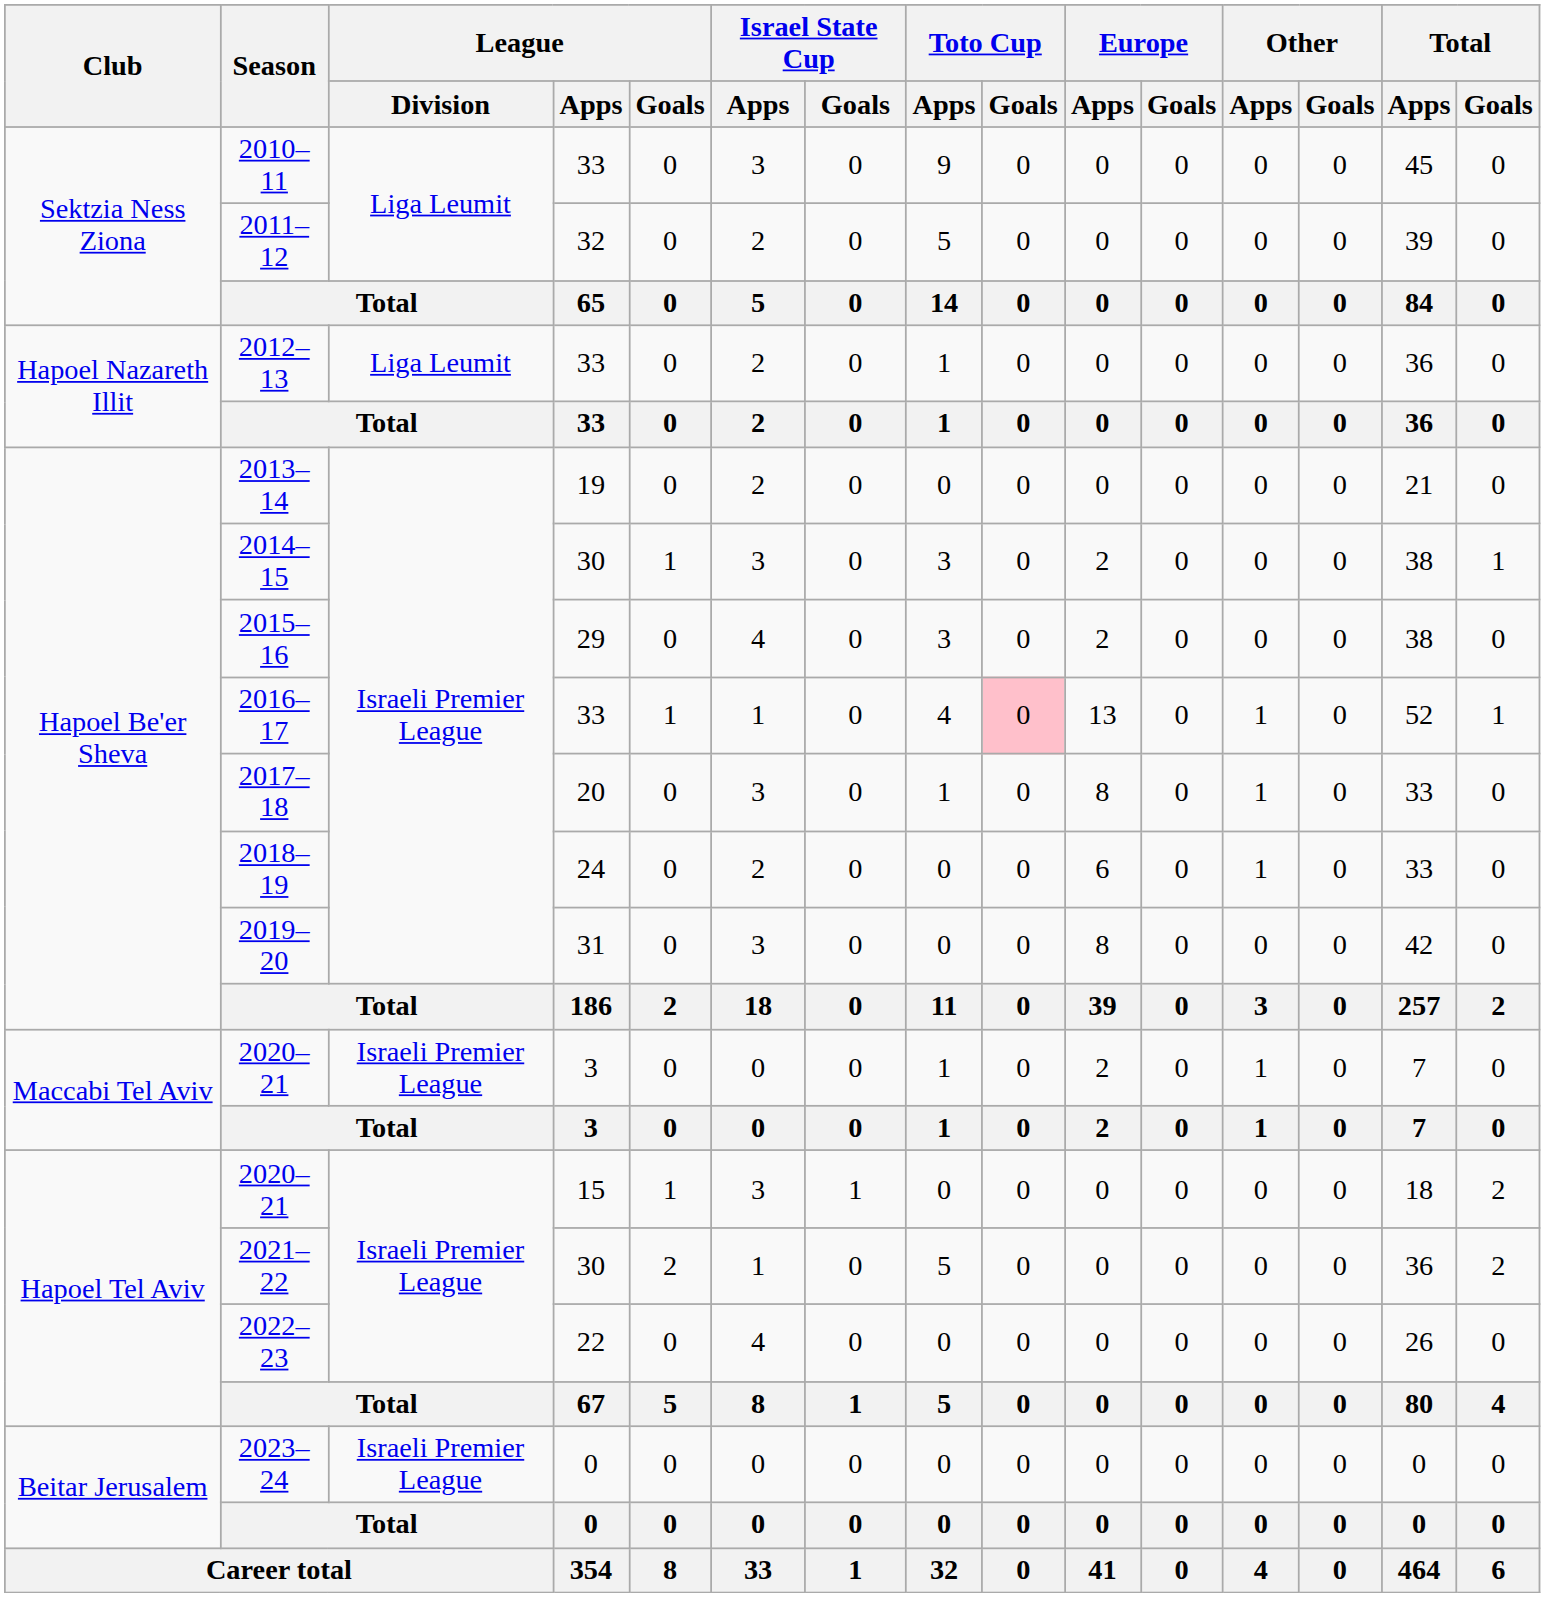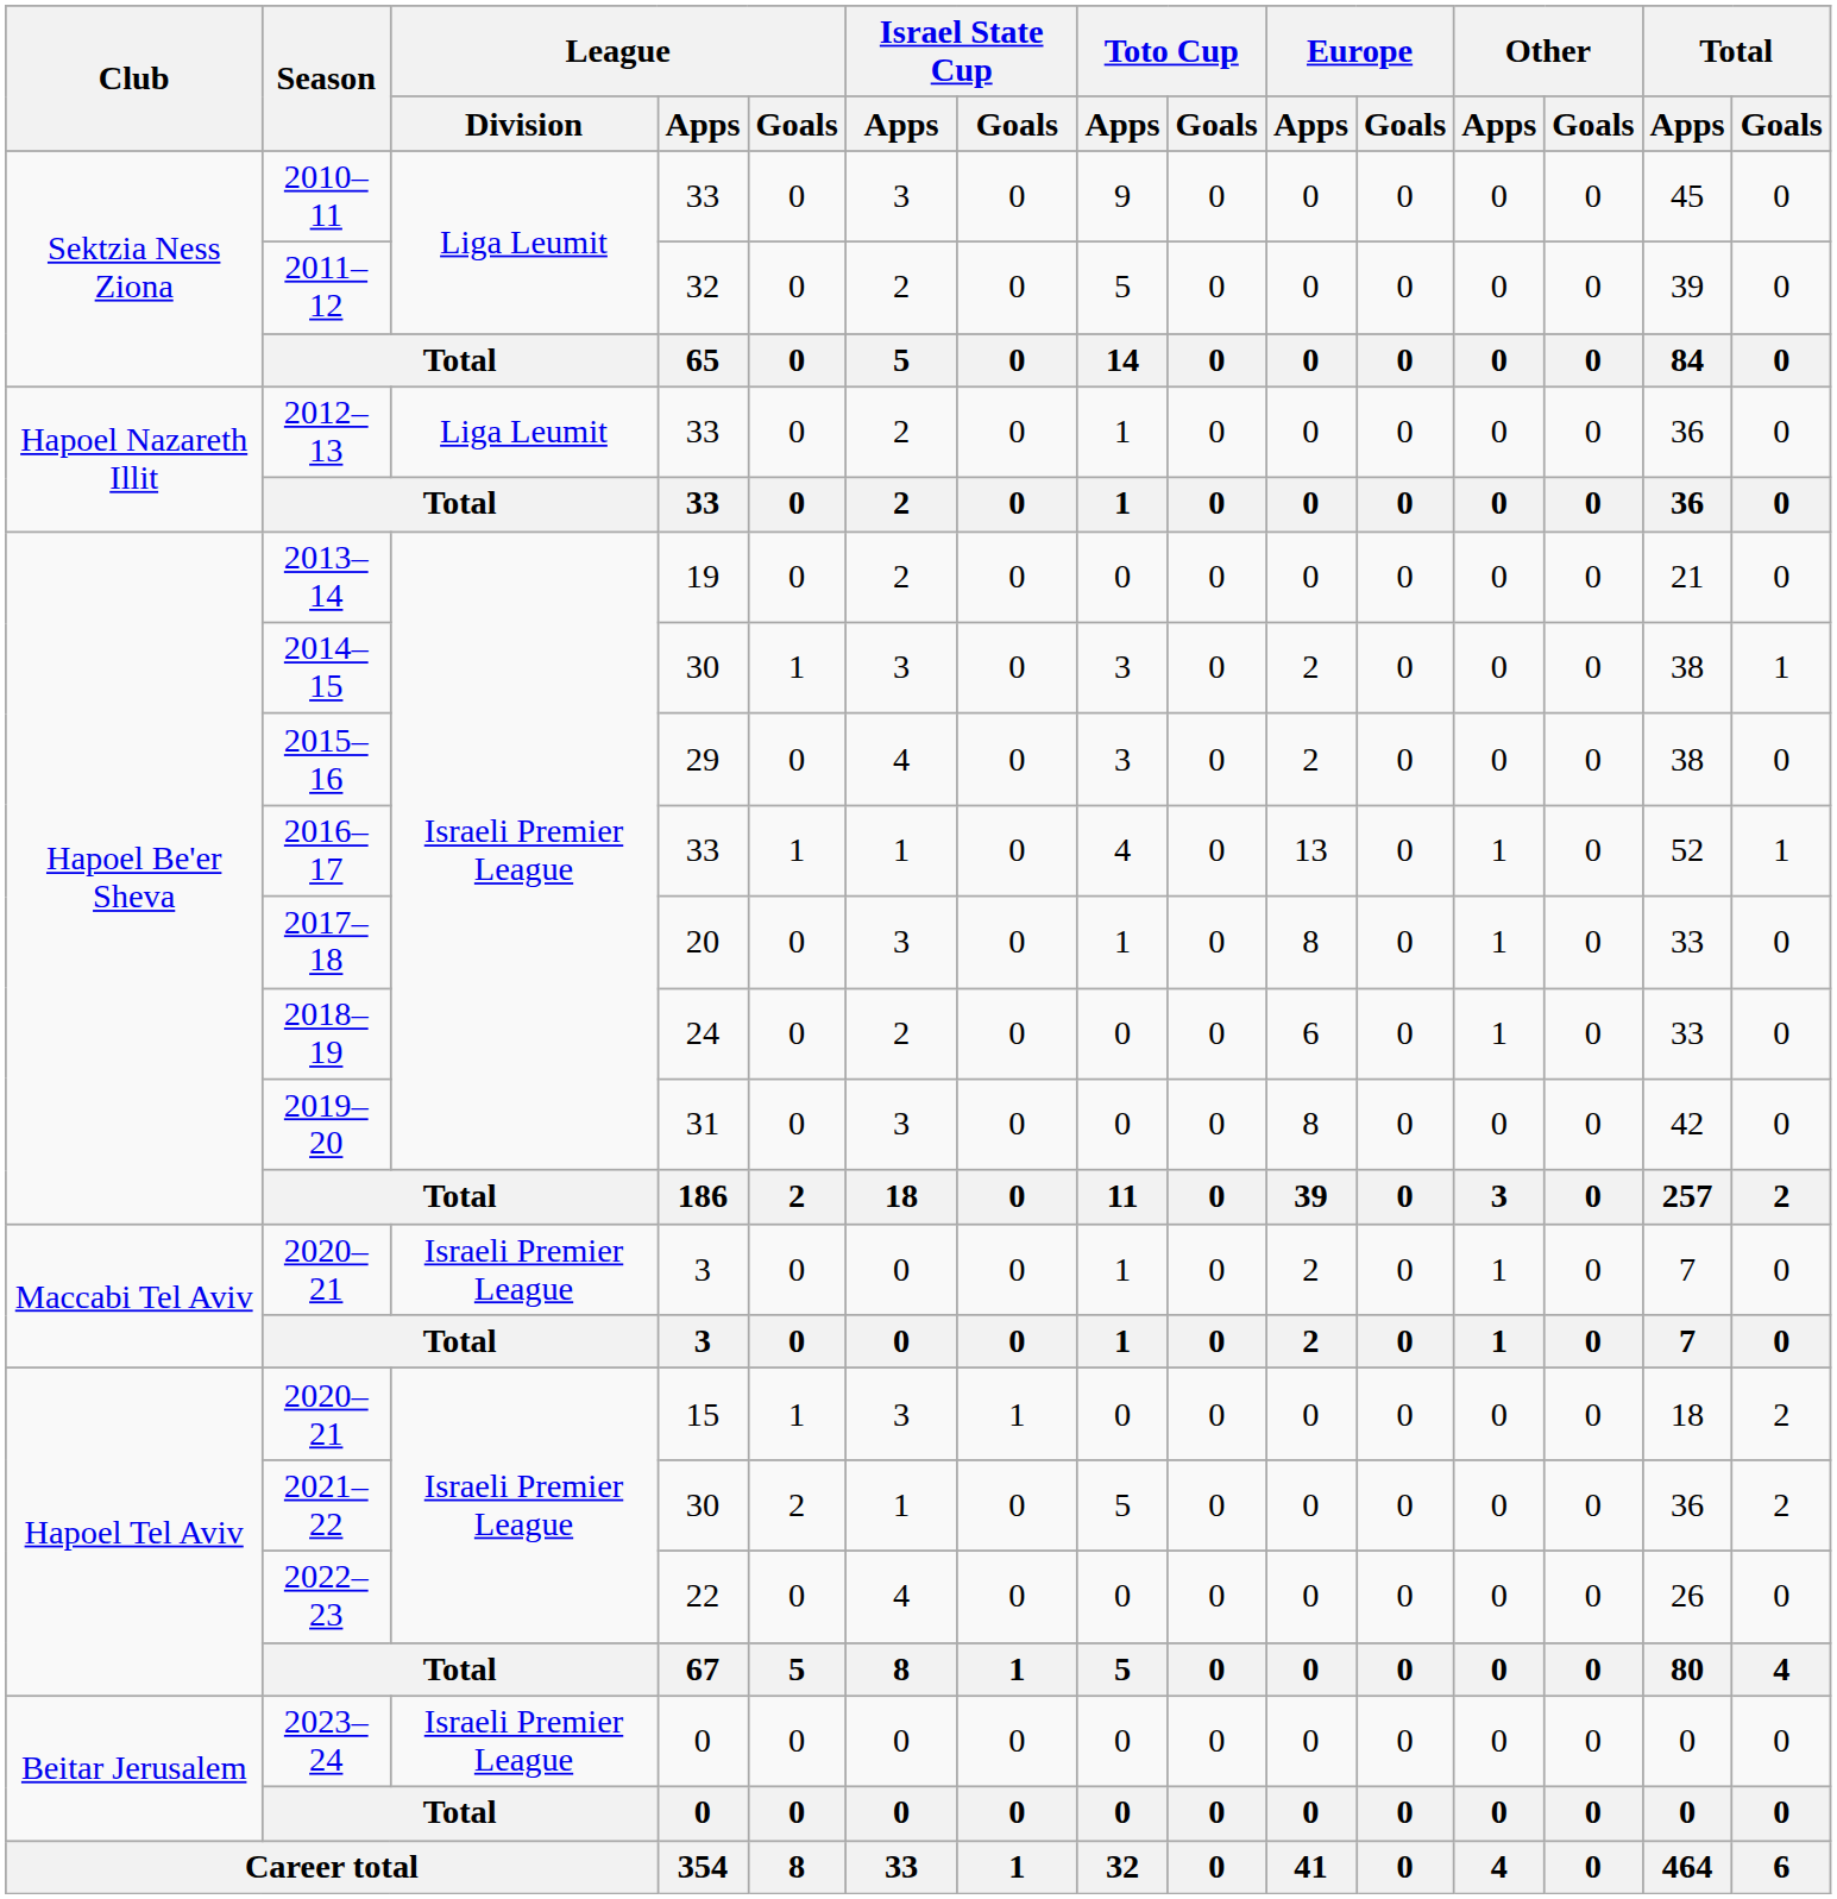 <table class="wikitable" style="text-align:center">
 <tr>
 <th rowspan=2>Club</th>
 <th rowspan=2>Season</th>
 <th colspan=3>League</th>
 <th colspan=2><a href='#'>Israel State Cup</a></th>
 <th colspan=2><a href='#'>Toto Cup</a></th>
 <th colspan=2><a href='#'>Europe</a></th>
 <th colspan=2>Other</th>
 <th colspan=2>Total</th>
 </tr>
 <tr>
 <th>Division</th>
 <th>Apps</th>
 <th>Goals</th>
 <th>Apps</th>
 <th>Goals</th>
 <th>Apps</th>
 <th>Goals</th>
 <th>Apps</th>
 <th>Goals</th>
 <th>Apps</th>
 <th>Goals</th>
 <th>Apps</th>
 <th>Goals</th>
 </tr>
 <tr>
 <td rowspan=3><a href='#'>Sektzia Ness Ziona</a></td>
 <td><a href='#'>2010–11</a></td>
 <td rowspan=2><a href='#'>Liga Leumit</a></td>
 <td>33</td>
 <td>0</td>
 <td>3</td>
 <td>0</td>
 <td>9</td>
 <td>0</td>
 <td>0</td>
 <td>0</td>
 <td>0</td>
 <td>0</td>
 <td>45</td>
 <td>0</td>
 </tr>
 <tr>
 <td><a href='#'>2011–12</a></td>
 <td>32</td>
 <td>0</td>
 <td>2</td>
 <td>0</td>
 <td>5</td>
 <td>0</td>
 <td>0</td>
 <td>0</td>
 <td>0</td>
 <td>0</td>
 <td>39</td>
 <td>0</td>
 </tr>
 <tr>
 <th colspan="2">Total</th>
 <th>65</th>
 <th>0</th>
 <th>5</th>
 <th>0</th>
 <th>14</th>
 <th>0</th>
 <th>0</th>
 <th>0</th>
 <th>0</th>
 <th>0</th>
 <th>84</th>
 <th>0</th>
 </tr>
 <tr>
 <td rowspan=2><a href='#'>Hapoel Nazareth Illit</a></td>
 <td><a href='#'>2012–13</a></td>
 <td rowspan=1><a href='#'>Liga Leumit</a></td>
 <td>33</td>
 <td>0</td>
 <td>2</td>
 <td>0</td>
 <td>1</td>
 <td>0</td>
 <td>0</td>
 <td>0</td>
 <td>0</td>
 <td>0</td>
 <td>36</td>
 <td>0</td>
 </tr>
 <tr>
 <th colspan=2>Total</th>
 <th>33</th>
 <th>0</th>
 <th>2</th>
 <th>0</th>
 <th>1</th>
 <th>0</th>
 <th>0</th>
 <th>0</th>
 <th>0</th>
 <th>0</th>
 <th>36</th>
 <th>0</th>
 </tr>
 <tr>
 <td rowspan="8"><a href='#'>Hapoel Be'er Sheva</a></td>
 <td><a href='#'>2013–14</a></td>
 <td rowspan="7"><a href='#'>Israeli Premier League</a></td>
 <td>19</td>
 <td>0</td>
 <td>2</td>
 <td>0</td>
 <td>0</td>
 <td>0</td>
 <td>0</td>
 <td>0</td>
 <td>0</td>
 <td>0</td>
 <td>21</td>
 <td>0</td>
 </tr>
 <tr>
 <td><a href='#'>2014–15</a></td>
 <td>30</td>
 <td>1</td>
 <td>3</td>
 <td>0</td>
 <td>3</td>
 <td>0</td>
 <td>2</td>
 <td>0</td>
 <td>0</td>
 <td>0</td>
 <td>38</td>
 <td>1</td>
 </tr>
 <tr>
 <td><a href='#'>2015–16</a></td>
 <td>29</td>
 <td>0</td>
 <td>4</td>
 <td>0</td>
 <td>3</td>
 <td>0</td>
 <td>2</td>
 <td>0</td>
 <td>0</td>
 <td>0</td>
 <td>38</td>
 <td>0</td>
 </tr>
 <tr>
 <td><a href='#'>2016–17</a></td>
 <td>33</td>
 <td>1</td>
 <td>1</td>
 <td>0</td>
 <td>4</td>
-<td style="background: pink;">0</td>
+<td>0</td>
 <td>13</td>
 <td>0</td>
 <td>1</td>
 <td>0</td>
 <td>52</td>
 <td>1</td>
 </tr>
 <tr>
 <td><a href='#'>2017–18</a></td>
 <td>20</td>
 <td>0</td>
 <td>3</td>
 <td>0</td>
 <td>1</td>
 <td>0</td>
 <td>8</td>
 <td>0</td>
 <td>1</td>
 <td>0</td>
 <td>33</td>
 <td>0</td>
 </tr>
 <tr>
 <td><a href='#'>2018–19</a></td>
 <td>24</td>
 <td>0</td>
 <td>2</td>
 <td>0</td>
 <td>0</td>
 <td>0</td>
 <td>6</td>
 <td>0</td>
 <td>1</td>
 <td>0</td>
 <td>33</td>
 <td>0</td>
 </tr>
 <tr>
 <td><a href='#'>2019–20</a></td>
 <td>31</td>
 <td>0</td>
 <td>3</td>
 <td>0</td>
 <td>0</td>
 <td>0</td>
 <td>8</td>
 <td>0</td>
 <td>0</td>
 <td>0</td>
 <td>42</td>
 <td>0</td>
 </tr>
 <tr>
 <th colspan=2>Total</th>
 <th>186</th>
 <th>2</th>
 <th>18</th>
 <th>0</th>
 <th>11</th>
 <th>0</th>
 <th>39</th>
 <th>0</th>
 <th>3</th>
 <th>0</th>
 <th>257</th>
 <th>2</th>
 </tr>
 <tr>
 <td rowspan=2><a href='#'>Maccabi Tel Aviv</a></td>
 <td><a href='#'>2020–21</a></td>
 <td rowspan=1><a href='#'>Israeli Premier League</a></td>
 <td>3</td>
 <td>0</td>
 <td>0</td>
 <td>0</td>
 <td>1</td>
 <td>0</td>
 <td>2</td>
 <td>0</td>
 <td>1</td>
 <td>0</td>
 <td>7</td>
 <td>0</td>
 </tr>
 <tr>
 <th colspan=2>Total</th>
 <th>3</th>
 <th>0</th>
 <th>0</th>
 <th>0</th>
 <th>1</th>
 <th>0</th>
 <th>2</th>
 <th>0</th>
 <th>1</th>
 <th>0</th>
 <th>7</th>
 <th>0</th>
 </tr>
 <tr>
 <td rowspan=4><a href='#'>Hapoel Tel Aviv</a></td>
 <td><a href='#'>2020–21</a></td>
 <td rowspan=3><a href='#'>Israeli Premier League</a></td>
 <td>15</td>
 <td>1</td>
 <td>3</td>
 <td>1</td>
 <td>0</td>
 <td>0</td>
 <td>0</td>
 <td>0</td>
 <td>0</td>
 <td>0</td>
 <td>18</td>
 <td>2</td>
 </tr>
 <tr>
 <td><a href='#'>2021–22</a></td>
 <td>30</td>
 <td>2</td>
 <td>1</td>
 <td>0</td>
 <td>5</td>
 <td>0</td>
 <td>0</td>
 <td>0</td>
 <td>0</td>
 <td>0</td>
 <td>36</td>
 <td>2</td>
 </tr>
 <tr>
 <td><a href='#'>2022–23</a></td>
 <td>22</td>
 <td>0</td>
 <td>4</td>
 <td>0</td>
 <td>0</td>
 <td>0</td>
 <td>0</td>
 <td>0</td>
 <td>0</td>
 <td>0</td>
 <td>26</td>
 <td>0</td>
 </tr>
 <tr>
 <th colspan=2>Total</th>
 <th>67</th>
 <th>5</th>
 <th>8</th>
 <th>1</th>
 <th>5</th>
 <th>0</th>
 <th>0</th>
 <th>0</th>
 <th>0</th>
 <th>0</th>
 <th>80</th>
 <th>4</th>
 </tr>
 <tr>
 <td rowspan=2><a href='#'>Beitar Jerusalem</a></td>
 <td><a href='#'>2023–24</a></td>
 <td rowspan="1"><a href='#'>Israeli Premier League</a></td>
 <td>0</td>
 <td>0</td>
 <td>0</td>
 <td>0</td>
 <td>0</td>
 <td>0</td>
 <td>0</td>
 <td>0</td>
 <td>0</td>
 <td>0</td>
 <td>0</td>
 <td>0</td>
 </tr>
 <tr>
 <th colspan=2>Total</th>
 <th>0</th>
 <th>0</th>
 <th>0</th>
 <th>0</th>
 <th>0</th>
 <th>0</th>
 <th>0</th>
 <th>0</th>
 <th>0</th>
 <th>0</th>
 <th>0</th>
 <th>0</th>
 </tr>
 <tr>
 <th colspan=3>Career total</th>
 <th>354</th>
 <th>8</th>
 <th>33</th>
 <th>1</th>
 <th>32</th>
 <th>0</th>
 <th>41</th>
 <th>0</th>
 <th>4</th>
 <th>0</th>
 <th>464</th>
 <th>6</th>
 </tr>
 </table>
